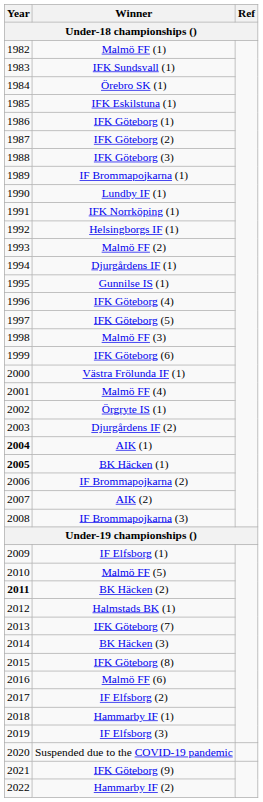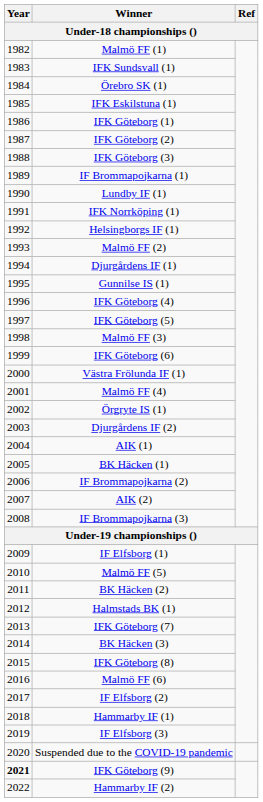 <table class="wikitable sortable plainrowheaders" style="text-align: center;">
 <tr>
 <th>Year</th>
 <th>Winner</th>
 <th>Ref</th>
 </tr>
 <tr>
 <th colspan=3>Under-18 championships ()</th>
 </tr>
 <tr>
 <td>1982</td>
 <td><a href='#'>Malmö FF</a> (1)</td>
 <td rowspan=27></td>
 </tr>
 <tr>
 <td>1983</td>
 <td><a href='#'>IFK Sundsvall</a> (1)</td>
 </tr>
 <tr>
 <td>1984</td>
 <td><a href='#'>Örebro SK</a> (1)</td>
 </tr>
 <tr>
 <td>1985</td>
 <td><a href='#'>IFK Eskilstuna</a> (1)</td>
 </tr>
 <tr>
 <td>1986</td>
 <td><a href='#'>IFK Göteborg</a> (1)</td>
 </tr>
 <tr>
 <td>1987</td>
 <td><a href='#'>IFK Göteborg</a> (2)</td>
 </tr>
 <tr>
 <td>1988</td>
 <td><a href='#'>IFK Göteborg</a> (3)</td>
 </tr>
 <tr>
 <td>1989</td>
 <td><a href='#'>IF Brommapojkarna</a> (1)</td>
 </tr>
 <tr>
 <td>1990</td>
 <td><a href='#'>Lundby IF</a> (1)</td>
 </tr>
 <tr>
 <td>1991</td>
 <td><a href='#'>IFK Norrköping</a> (1)</td>
 </tr>
 <tr>
 <td>1992</td>
 <td><a href='#'>Helsingborgs IF</a> (1)</td>
 </tr>
 <tr>
 <td>1993</td>
 <td><a href='#'>Malmö FF</a> (2)</td>
 </tr>
 <tr>
 <td>1994</td>
 <td><a href='#'>Djurgårdens IF</a> (1)</td>
 </tr>
 <tr>
 <td>1995</td>
 <td><a href='#'>Gunnilse IS</a> (1)</td>
 </tr>
 <tr>
 <td>1996</td>
 <td><a href='#'>IFK Göteborg</a> (4)</td>
 </tr>
 <tr>
 <td>1997</td>
 <td><a href='#'>IFK Göteborg</a> (5)</td>
 </tr>
 <tr>
 <td>1998</td>
 <td><a href='#'>Malmö FF</a> (3)</td>
 </tr>
 <tr>
 <td>1999</td>
 <td><a href='#'>IFK Göteborg</a> (6)</td>
 </tr>
 <tr>
 <td>2000</td>
 <td><a href='#'>Västra Frölunda IF</a> (1)</td>
 </tr>
 <tr>
 <td>2001</td>
 <td><a href='#'>Malmö FF</a> (4)</td>
 </tr>
 <tr>
 <td>2002</td>
 <td><a href='#'>Örgryte IS</a> (1)</td>
 </tr>
 <tr>
 <td>2003</td>
 <td><a href='#'>Djurgårdens IF</a> (2)</td>
 </tr>
 <tr>
-<td><strong>2004</strong></td>
+<td>2004</td>
 <td><a href='#'>AIK</a> (1)</td>
 </tr>
 <tr>
-<td><strong>2005</strong></td>
+<td>2005</td>
 <td><a href='#'>BK Häcken</a> (1)</td>
 </tr>
 <tr>
 <td>2006</td>
 <td><a href='#'>IF Brommapojkarna</a> (2)</td>
 </tr>
 <tr>
 <td>2007</td>
 <td><a href='#'>AIK</a> (2)</td>
 </tr>
 <tr>
 <td>2008</td>
 <td><a href='#'>IF Brommapojkarna</a> (3)</td>
 </tr>
 <tr>
 <th colspan=3>Under-19 championships ()</th>
 </tr>
 <tr>
 <td>2009</td>
 <td><a href='#'>IF Elfsborg</a> (1)</td>
 <td rowspan=11></td>
 </tr>
 <tr>
 <td>2010</td>
 <td><a href='#'>Malmö FF</a> (5)</td>
 </tr>
 <tr>
-<td><strong>2011</strong></td>
+<td>2011</td>
 <td><a href='#'>BK Häcken</a> (2)</td>
 </tr>
 <tr>
 <td>2012</td>
 <td><a href='#'>Halmstads BK</a> (1)</td>
 </tr>
 <tr>
 <td>2013</td>
 <td><a href='#'>IFK Göteborg</a> (7)</td>
 </tr>
 <tr>
 <td>2014</td>
 <td><a href='#'>BK Häcken</a> (3)</td>
 </tr>
 <tr>
 <td>2015</td>
 <td><a href='#'>IFK Göteborg</a> (8)</td>
 </tr>
 <tr>
 <td>2016</td>
 <td><a href='#'>Malmö FF</a> (6)</td>
 </tr>
 <tr>
 <td>2017</td>
 <td><a href='#'>IF Elfsborg</a> (2)</td>
 </tr>
 <tr>
 <td>2018</td>
 <td><a href='#'>Hammarby IF</a> (1)</td>
 </tr>
 <tr>
 <td>2019</td>
 <td><a href='#'>IF Elfsborg</a> (3)</td>
 </tr>
 <tr>
 <td>2020</td>
 <td>Suspended due to the <a href='#'>COVID-19 pandemic</a></td>
 <td></td>
 </tr>
 <tr>
-<td>2021</td>
+<td><strong>2021</strong></td>
 <td><a href='#'>IFK Göteborg</a> (9)</td>
 <td rowspan=2></td>
 </tr>
 <tr>
 <td>2022</td>
 <td><a href='#'>Hammarby IF</a> (2)</td>
 </tr>
 </table>
